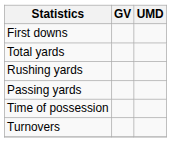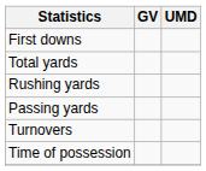 <table class="wikitable" style="float: left;">
 <tr>
 <th>Statistics</th>
 <th>GV</th>
 <th>UMD</th>
 </tr>
 <tr>
 <td>First downs</td>
 <td></td>
 <td></td>
 </tr>
 <tr>
 <td>Total yards</td>
 <td></td>
 <td></td>
 </tr>
 <tr>
 <td>Rushing yards</td>
 <td></td>
 <td></td>
 </tr>
 <tr>
 <td>Passing yards</td>
 <td></td>
 <td></td>
 </tr>
 <tr>
-<td>Time of possession</td>
+<td>Turnovers</td>
 <td></td>
 <td></td>
 </tr>
 <tr>
-<td>Turnovers</td>
+<td>Time of possession</td>
 <td></td>
 <td></td>
 </tr>
 <tr>
 </tr>
 </table>
